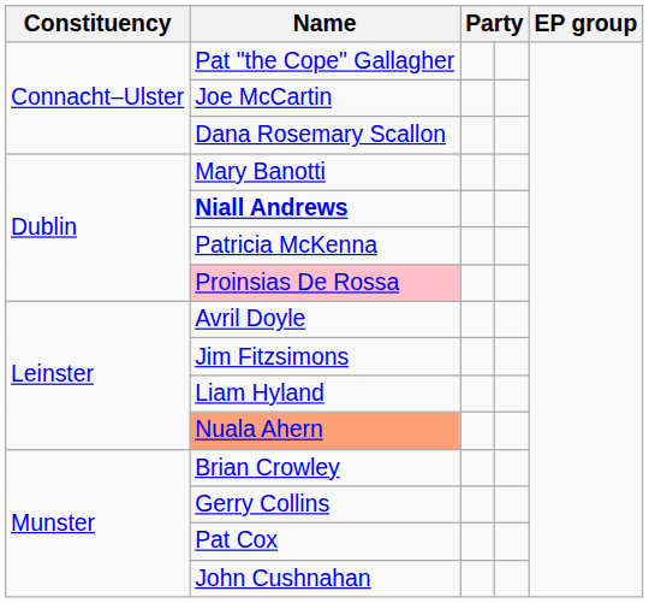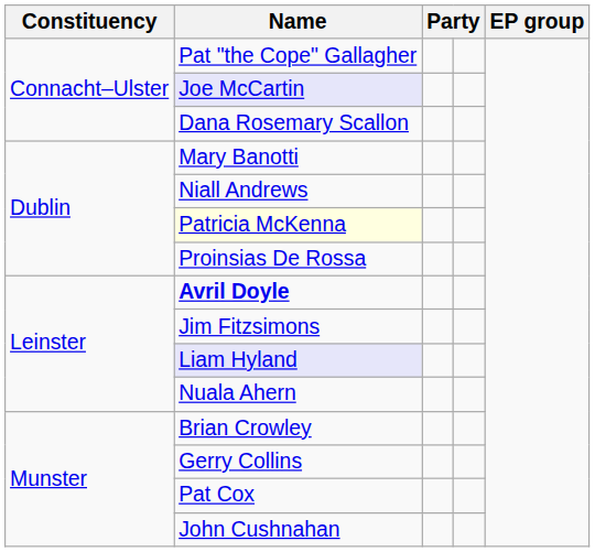 <table class=wikitable>
 <tr>
 <th>Constituency</th>
 <th>Name</th>
 <th colspan=2>Party</th>
 <th colspan=2>EP group</th>
 </tr>
 <tr>
 <td rowspan=3><a href='#'>Connacht–Ulster</a></td>
 <td><a href='#'>Pat "the Cope" Gallagher</a></td>
 <td></td>
 <td></td>
 </tr>
 <tr>
-<td><a href='#'>Joe McCartin</a></td>
+<td style="background: lavender;"><a href='#'>Joe McCartin</a></td>
 <td></td>
 <td></td>
 </tr>
 <tr>
 <td><a href='#'>Dana Rosemary Scallon</a></td>
 <td></td>
 <td></td>
 </tr>
 <tr>
 <td rowspan=4><a href='#'>Dublin</a></td>
 <td><a href='#'>Mary Banotti</a></td>
 <td></td>
 <td></td>
 </tr>
 <tr>
-<td><strong><a href='#'>Niall Andrews</a></strong></td>
+<td><a href='#'>Niall Andrews</a></td>
 <td></td>
 <td></td>
 </tr>
 <tr>
-<td><a href='#'>Patricia McKenna</a></td>
+<td style="background: lightyellow;"><a href='#'>Patricia McKenna</a></td>
 <td></td>
 <td></td>
 </tr>
 <tr>
-<td style="background: pink;"><a href='#'>Proinsias De Rossa</a></td>
+<td><a href='#'>Proinsias De Rossa</a></td>
 <td></td>
 <td></td>
 </tr>
 <tr>
 <td rowspan=4><a href='#'>Leinster</a></td>
-<td><a href='#'>Avril Doyle</a></td>
+<td><strong><a href='#'>Avril Doyle</a></strong></td>
 <td></td>
 <td></td>
 </tr>
 <tr>
 <td><a href='#'>Jim Fitzsimons</a></td>
 <td></td>
 <td></td>
 </tr>
 <tr>
-<td><a href='#'>Liam Hyland</a></td>
+<td style="background: lavender;"><a href='#'>Liam Hyland</a></td>
 <td></td>
 <td></td>
 </tr>
 <tr>
-<td style="background: lightsalmon;"><a href='#'>Nuala Ahern</a></td>
+<td><a href='#'>Nuala Ahern</a></td>
 <td></td>
 <td></td>
 </tr>
 <tr>
 <td rowspan=4><a href='#'>Munster</a></td>
 <td><a href='#'>Brian Crowley</a></td>
 <td></td>
 <td></td>
 </tr>
 <tr>
 <td><a href='#'>Gerry Collins</a></td>
 <td></td>
 <td></td>
 </tr>
 <tr>
 <td><a href='#'>Pat Cox</a></td>
 <td></td>
 <td></td>
 </tr>
 <tr>
 <td><a href='#'>John Cushnahan</a></td>
 <td></td>
 <td></td>
 </tr>
 </table>
